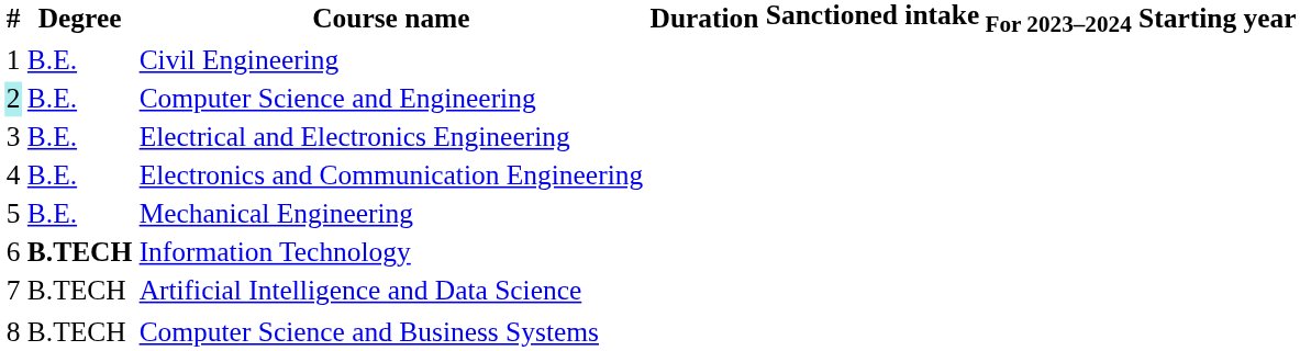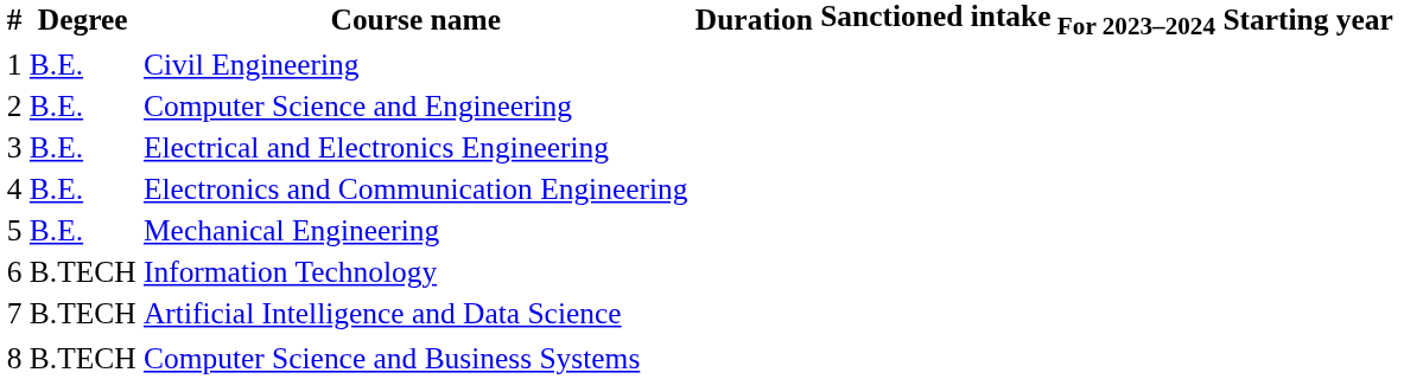 <table>
 <tr>
 <th>#</th>
 <th>Degree</th>
 <th>Course name</th>
 <th>Duration</th>
 <th>Sanctioned intake<sub> For 2023–2024</sub></th>
 <th>Starting year</th>
 </tr>
 <tr>
 <td>1</td>
 <td><a href='#'>B.E.</a></td>
 <td><a href='#'>Civil Engineering</a></td>
 <td></td>
 <td></td>
 <td></td>
 </tr>
 <tr>
-<td style="background: paleturquoise;">2</td>
+<td>2</td>
 <td><a href='#'>B.E.</a></td>
 <td><a href='#'>Computer Science and Engineering</a></td>
 <td></td>
 <td></td>
 <td></td>
 </tr>
 <tr>
 <td>3</td>
 <td><a href='#'>B.E.</a></td>
 <td><a href='#'>Electrical and Electronics Engineering</a></td>
 <td></td>
 <td></td>
 <td></td>
 </tr>
 <tr>
 <td>4</td>
 <td><a href='#'>B.E.</a></td>
 <td><a href='#'>Electronics and Communication Engineering</a></td>
 <td></td>
 <td></td>
 <td></td>
 </tr>
 <tr>
 <td>5</td>
 <td><a href='#'>B.E.</a></td>
 <td><a href='#'>Mechanical Engineering</a></td>
 <td></td>
 <td></td>
 <td></td>
 </tr>
 <tr>
 <td>6</td>
-<td><strong>B.TECH</strong></td>
+<td>B.TECH</td>
 <td><a href='#'>Information Technology</a></td>
 <td></td>
 <td></td>
 <td></td>
 </tr>
 <tr>
 <td>7</td>
 <td>B.TECH</td>
 <td><a href='#'>Artificial Intelligence and Data Science</a></td>
 <td></td>
 <td></td>
 <td></td>
 </tr>
 <tr>
 </tr>
 <tr>
 <td>8</td>
 <td>B.TECH</td>
 <td><a href='#'>Computer Science and Business Systems</a></td>
 <td></td>
 <td></td>
 <td></td>
 </tr>
 <tr>
 </tr>
 </table>
